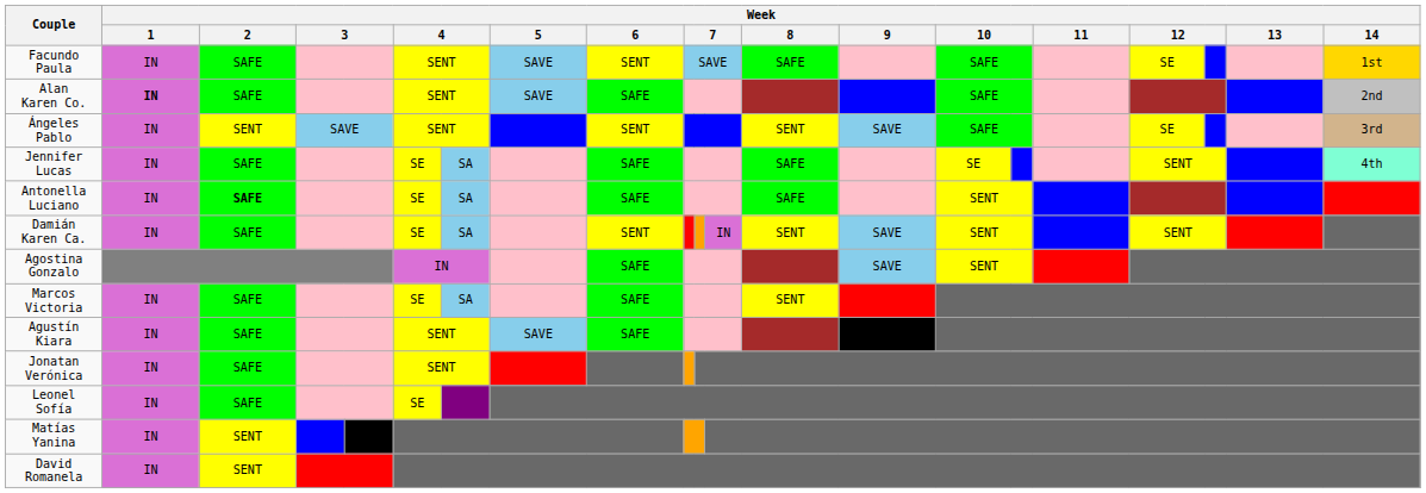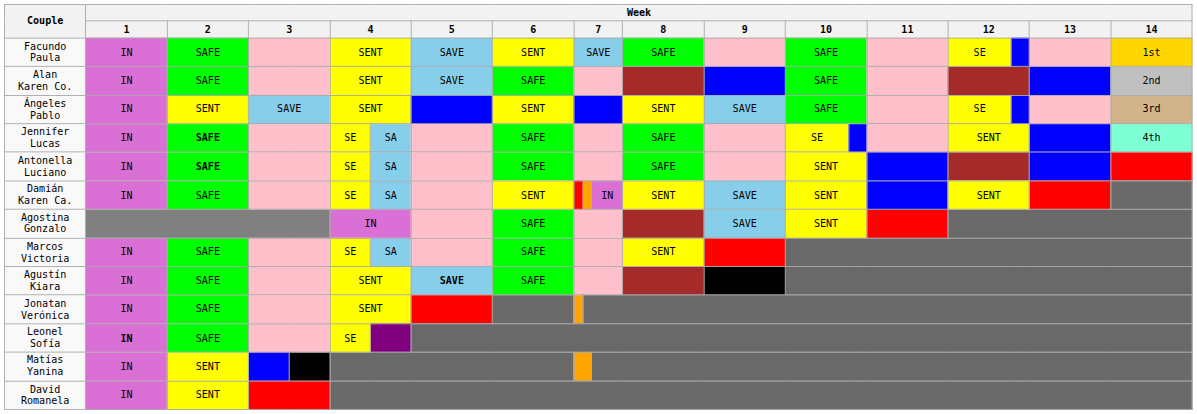 <table class=wikitable style="font-size:85%; text-align:center">
 <tr>
 <th style="width: 5%;" rowspan=2>Couple</th>
 <th style="width: 5%;" colspan=22>Week</th>
 </tr>
 <tr>
 <th style="width: 5%;">1</th>
 <th style="width: 5%;">2</th>
 <th style="width: 5%;" colspan="2">3</th>
 <th style="width: 5%;" colspan="2">4</th>
 <th style="width: 5%;">5</th>
 <th style="width: 5%;">6</th>
 <th style="width: 3%;" colspan="3">7</th>
 <th style="width: 5%;">8</th>
 <th style="width: 5%;">9</th>
 <th style="width: 5%;" colspan="2">10</th>
 <th style="width: 5%;">11</th>
 <th style="width: 5%;" colspan="2">12</th>
 <th style="width: 5%;">13</th>
 <th style="width: 5%;" colspan="2">14</th>
 </tr>
 <tr>
 <td bgcolor="">Facundo<br>Paula</td>
 <td bgcolor="orchid">IN</td>
 <td bgcolor="lime">SAFE</td>
 <td colspan="2" bgcolor="pink"></td>
 <td colspan="2" bgcolor="yellow">SENT</td>
 <td bgcolor="skyblue">SAVE</td>
 <td bgcolor="yellow">SENT</td>
 <td colspan="3" bgcolor="skyblue">SAVE</td>
 <td bgcolor="lime">SAFE</td>
 <td bgcolor="pink"></td>
 <td colspan="2" bgcolor="lime">SAFE</td>
 <td bgcolor="pink"></td>
 <td bgcolor="yellow">SE</td>
 <td bgcolor="blue"></td>
 <td bgcolor="pink"></td>
 <td bgcolor="gold">1st</td>
 </tr>
 <tr>
 <td bgcolor="">Alan<br>Karen Co.</td>
-<td bgcolor="orchid"><strong>IN</strong></td>
+<td bgcolor="orchid">IN</td>
 <td bgcolor="lime">SAFE</td>
 <td colspan="2" bgcolor="pink"></td>
 <td colspan="2" bgcolor="yellow">SENT</td>
 <td bgcolor="skyblue">SAVE</td>
 <td bgcolor="lime">SAFE</td>
 <td colspan="3" bgcolor="pink"></td>
 <td bgcolor="brown"></td>
 <td bgcolor="blue"></td>
 <td colspan="2" bgcolor="lime">SAFE</td>
 <td bgcolor="pink"></td>
 <td colspan="2" bgcolor="brown"></td>
 <td bgcolor="blue"></td>
 <td bgcolor="silver">2nd</td>
 </tr>
 <tr>
 <td bgcolor="">Ángeles<br>Pablo</td>
 <td bgcolor="orchid">IN</td>
 <td bgcolor="yellow">SENT</td>
 <td colspan="2" bgcolor="skyblue">SAVE</td>
 <td colspan="2" bgcolor="yellow">SENT</td>
 <td bgcolor="blue"></td>
 <td bgcolor="yellow">SENT</td>
 <td colspan="3" bgcolor="blue"></td>
 <td bgcolor="yellow">SENT</td>
 <td bgcolor="skyblue">SAVE</td>
 <td colspan="2" bgcolor="lime">SAFE</td>
 <td bgcolor="pink"></td>
 <td bgcolor="yellow">SE</td>
 <td bgcolor="blue"></td>
 <td bgcolor="pink"></td>
 <td bgcolor="tan">3rd</td>
 </tr>
 <tr>
 <td bgcolor="">Jennifer<br>Lucas</td>
 <td bgcolor="orchid">IN</td>
-<td bgcolor="lime">SAFE</td>
+<td bgcolor="lime"><strong>SAFE</strong></td>
 <td colspan="2" bgcolor="pink"></td>
 <td bgcolor="yellow">SE</td>
 <td bgcolor="skyblue">SA</td>
 <td bgcolor="pink"></td>
 <td bgcolor="lime">SAFE</td>
 <td colspan="3" bgcolor="pink"></td>
 <td bgcolor="lime">SAFE</td>
 <td bgcolor="pink"></td>
 <td bgcolor="yellow">SE</td>
 <td bgcolor="blue"></td>
 <td bgcolor="pink"></td>
 <td colspan="2" bgcolor="yellow">SENT</td>
 <td bgcolor="blue"></td>
 <td bgcolor="Aquamarine">4th</td>
 </tr>
 <tr>
 <td bgcolor="">Antonella<br>Luciano</td>
 <td bgcolor="orchid">IN</td>
 <td bgcolor="lime"><strong>SAFE</strong></td>
 <td colspan="2" bgcolor="pink"></td>
 <td bgcolor="yellow">SE</td>
 <td bgcolor="skyblue">SA</td>
 <td bgcolor="pink"></td>
 <td bgcolor="lime">SAFE</td>
 <td colspan="3" bgcolor="pink"></td>
 <td bgcolor="lime">SAFE</td>
 <td bgcolor="pink"></td>
 <td colspan="2" bgcolor="yellow">SENT</td>
 <td bgcolor="blue"></td>
 <td colspan="2" bgcolor="brown"></td>
 <td bgcolor="blue"></td>
 <td bgcolor="Red"></td>
 </tr>
 <tr>
 <td bgcolor="">Damián<br>Karen Ca.</td>
 <td bgcolor="orchid">IN</td>
 <td bgcolor="lime">SAFE</td>
 <td colspan="2" bgcolor="pink"></td>
 <td bgcolor="yellow">SE</td>
 <td bgcolor="skyblue">SA</td>
 <td bgcolor="pink"></td>
 <td bgcolor="yellow">SENT</td>
 <td bgcolor="Red"></td>
 <td bgcolor="orange"></td>
 <td bgcolor="orchid">IN</td>
 <td bgcolor="yellow">SENT</td>
 <td bgcolor="skyblue">SAVE</td>
 <td colspan="2" bgcolor="yellow">SENT</td>
 <td bgcolor="blue"></td>
 <td colspan="2" bgcolor="yellow">SENT</td>
 <td bgcolor="Red"></td>
 <td colspan="19" bgcolor="DimGray"></td>
 </tr>
 <tr>
 <td bgcolor="">Agostina<br>Gonzalo</td>
 <td colspan="4" bgcolor="gray"></td>
 <td colspan="2" bgcolor="orchid">IN</td>
 <td bgcolor="pink"></td>
 <td bgcolor="lime">SAFE</td>
 <td colspan="3" bgcolor="pink"></td>
 <td bgcolor="brown"></td>
 <td bgcolor="skyblue">SAVE</td>
 <td colspan="2" bgcolor="yellow">SENT</td>
 <td bgcolor="Red"></td>
 <td colspan="19" bgcolor="DimGray"></td>
 </tr>
 <tr>
 <td bgcolor="">Marcos<br>Victoria</td>
 <td bgcolor="orchid">IN</td>
 <td bgcolor="lime">SAFE</td>
 <td colspan="2" bgcolor="pink"></td>
 <td bgcolor="yellow">SE</td>
 <td bgcolor="skyblue">SA</td>
 <td bgcolor="pink"></td>
 <td bgcolor="lime">SAFE</td>
 <td colspan="3" bgcolor="pink"></td>
 <td bgcolor="yellow">SENT</td>
 <td bgcolor="Red"></td>
 <td colspan="19" bgcolor="DimGray"></td>
 </tr>
 <tr>
 <td bgcolor="">Agustín<br>Kiara</td>
 <td bgcolor="orchid">IN</td>
 <td bgcolor="lime">SAFE</td>
 <td colspan="2" bgcolor="pink"></td>
 <td colspan="2" bgcolor="yellow">SENT</td>
-<td bgcolor="skyblue">SAVE</td>
+<td bgcolor="skyblue"><strong>SAVE</strong></td>
 <td bgcolor="lime">SAFE</td>
 <td colspan="3" bgcolor="pink"></td>
 <td bgcolor="brown"></td>
 <td bgcolor="black"></td>
 <td colspan="19" bgcolor="DimGray"></td>
 </tr>
 <tr>
 <td bgcolor="">Jonatan<br>Verónica</td>
 <td bgcolor="orchid">IN</td>
 <td bgcolor="lime">SAFE</td>
 <td colspan="2" bgcolor="pink"></td>
 <td colspan="2" bgcolor="yellow">SENT</td>
 <td bgcolor="Red"></td>
 <td bgcolor="DimGray"></td>
 <td bgcolor="orange"></td>
 <td colspan="19" bgcolor="DimGray"></td>
 </tr>
 <tr>
 <td bgcolor="">Leonel<br>Sofía</td>
-<td bgcolor="orchid">IN</td>
+<td bgcolor="orchid"><strong>IN</strong></td>
 <td bgcolor="lime">SAFE</td>
 <td colspan="2" bgcolor="pink"></td>
 <td bgcolor="yellow">SE</td>
 <td bgcolor="purple"></td>
 <td colspan="19" bgcolor="DimGray"></td>
 </tr>
 <tr>
 <td bgcolor="">Matías<br>Yanina</td>
 <td bgcolor="orchid">IN</td>
 <td bgcolor="yellow">SENT</td>
 <td bgcolor="blue"></td>
 <td bgcolor="black"></td>
 <td colspan="4" bgcolor="DimGray"></td>
 <td colspan="2" bgcolor="orange"></td>
 <td colspan="19" bgcolor="DimGray"></td>
 </tr>
 <tr>
 <td bgcolor="">David<br>Romanela</td>
 <td bgcolor="orchid">IN</td>
 <td bgcolor="yellow">SENT</td>
 <td colspan="2" bgcolor="Red"></td>
 <td colspan="19" bgcolor="DimGray"></td>
 </tr>
 </table>
